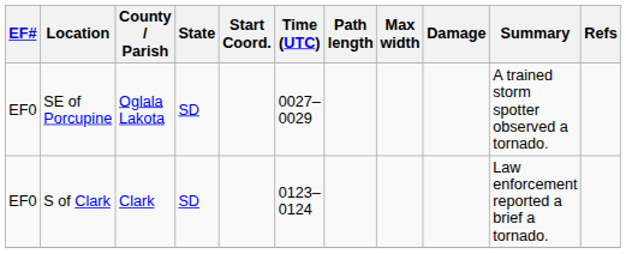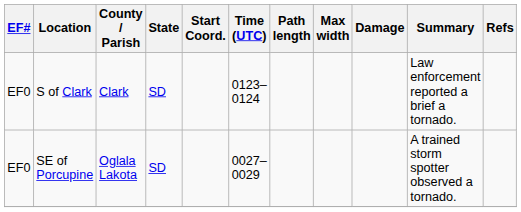 <table class="wikitable sortable" style="width:100%;">
 <tr>
 <th scope="col" width="3%" align="center"><a href='#'>EF#</a></th>
 <th scope="col" width="7%" align="center" class="unsortable">Location</th>
 <th scope="col" width="6%" align="center" class="unsortable">County / Parish</th>
 <th scope="col" width="5%" align="center">State</th>
 <th scope="col" width="6%" align="center">Start Coord.</th>
 <th scope="col" width="6%" align="center">Time (<a href='#'>UTC</a>)</th>
 <th scope="col" width="6%" align="center">Path length</th>
 <th scope="col" width="6%" align="center">Max width</th>
 <th scope="col" width="6%" align="center">Damage</th>
 <th scope="col" width="48%" class="unsortable" align="center">Summary</th>
 <th scope="col" width="48%" class="unsortable" align="center">Refs</th>
 </tr>
 <tr>
 <td>EF0</td>
+<td>S of <a href='#'>Clark</a></td>
+<td><a href='#'>Clark</a></td>
+<td><a href='#'>SD</a></td>
+<td></td>
+<td>0123–0124</td>
+<td></td>
+<td></td>
+<td></td>
+<td>Law enforcement reported a brief a tornado.</td>
+<td></td>
+</tr>
+<tr>
+<td>EF0</td>
 <td>SE of <a href='#'>Porcupine</a></td>
 <td><a href='#'>Oglala Lakota</a></td>
 <td><a href='#'>SD</a></td>
 <td></td>
 <td>0027–0029</td>
 <td></td>
 <td></td>
 <td></td>
 <td>A trained storm spotter observed a tornado.</td>
 <td></td>
 </tr>
 <tr>
-<td>EF0</td>
-<td>S of <a href='#'>Clark</a></td>
-<td><a href='#'>Clark</a></td>
-<td><a href='#'>SD</a></td>
-<td></td>
-<td>0123–0124</td>
-<td></td>
-<td></td>
-<td></td>
-<td>Law enforcement reported a brief a tornado.</td>
-<td></td>
-</tr>
-<tr>
 </tr>
 </table>
